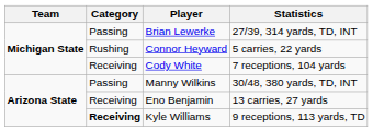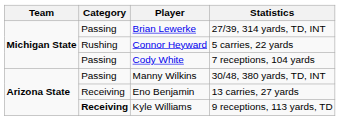 <table class="wikitable" style="float: right;">
 <tr>
 <th>Team</th>
 <th>Category</th>
 <th>Player</th>
 <th>Statistics</th>
 </tr>
 <tr>
 <td rowspan=3><strong>Michigan State</strong></td>
 <td>Passing</td>
 <td><a href='#'>Brian Lewerke</a></td>
 <td>27/39, 314 yards, TD, INT</td>
 </tr>
 <tr>
 <td>Rushing</td>
 <td><a href='#'>Connor Heyward</a></td>
 <td>5 carries, 22 yards</td>
 </tr>
 <tr>
-<td>Receiving</td>
+<td>Passing</td>
 <td><a href='#'>Cody White</a></td>
 <td>7 receptions, 104 yards</td>
 </tr>
 <tr>
 <td rowspan=3><strong>Arizona State</strong></td>
 <td>Passing</td>
 <td>Manny Wilkins</td>
 <td>30/48, 380 yards, TD, INT</td>
 </tr>
 <tr>
 <td>Receiving</td>
 <td>Eno Benjamin</td>
 <td>13 carries, 27 yards</td>
 </tr>
 <tr>
 <td><strong>Receiving</strong></td>
 <td>Kyle Williams</td>
 <td>9 receptions, 113 yards, TD</td>
 </tr>
 </table>
